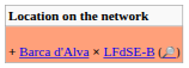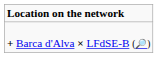 <table role="presentation" class="wikitable mw-collapsible mw-collapsed floatright">
 <tr>
 <td><strong>Location on the network</strong></td>
 </tr>
 <tr>
-<td style="background: lightsalmon;"><br><span><strong>+</strong> <a href='#'>Barca d'Alva</a></span> <span><strong>×</strong> <a href='#'>LFdSE-B</a></span> <small>(<a href='#'>🔎</a>)</small></td>
+<td><br><span><strong>+</strong> <a href='#'>Barca d'Alva</a></span> <span><strong>×</strong> <a href='#'>LFdSE-B</a></span> <small>(<a href='#'>🔎</a>)</small></td>
 </tr>
 </table>
